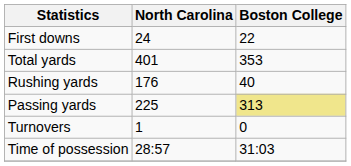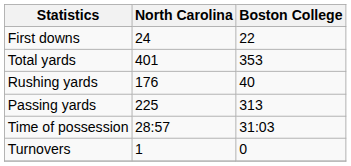 <table class="wikitable">
 <tr>
 <th>Statistics</th>
 <th>North Carolina</th>
 <th>Boston College</th>
 </tr>
 <tr>
 <td>First downs</td>
 <td>24</td>
 <td>22</td>
 </tr>
 <tr>
 <td>Total yards</td>
 <td>401</td>
 <td>353</td>
 </tr>
 <tr>
 <td>Rushing yards</td>
 <td>176</td>
 <td>40</td>
 </tr>
 <tr>
 <td>Passing yards</td>
 <td>225</td>
-<td style="background: khaki;">313</td>
+<td>313</td>
+</tr>
+<tr>
+<td>Time of possession</td>
+<td>28:57</td>
+<td>31:03</td>
 </tr>
 <tr>
 <td>Turnovers</td>
 <td>1</td>
 <td>0</td>
 </tr>
 <tr>
-<td>Time of possession</td>
-<td>28:57</td>
-<td>31:03</td>
-</tr>
-<tr>
 </tr>
 </table>
